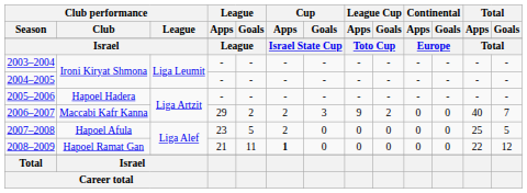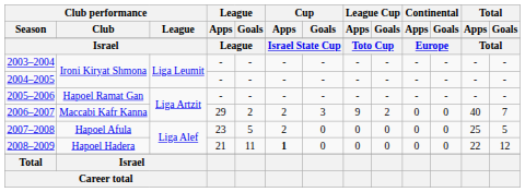 <table class="wikitable" style="text-align:center">
 <tr>
 <th colspan=3>Club performance</th>
 <th colspan=2>League</th>
 <th colspan=2>Cup</th>
 <th colspan=2>League Cup</th>
 <th colspan=2>Continental</th>
 <th colspan=2>Total</th>
 </tr>
 <tr>
 <th>Season</th>
 <th>Club</th>
 <th>League</th>
 <th>Apps</th>
 <th>Goals</th>
 <th>Apps</th>
 <th>Goals</th>
 <th>Apps</th>
 <th>Goals</th>
 <th>Apps</th>
 <th>Goals</th>
 <th>Apps</th>
 <th>Goals</th>
 </tr>
 <tr>
 </tr>
 <tr>
 <th colspan=3>Israel</th>
 <th colspan=2>League</th>
 <th colspan=2><a href='#'>Israel State Cup</a></th>
 <th colspan=2><a href='#'>Toto Cup</a></th>
 <th colspan=2><a href='#'>Europe</a></th>
 <th colspan=2>Total</th>
 </tr>
 <tr>
 <td><a href='#'>2003–2004</a></td>
 <td rowspan="2"><a href='#'>Ironi Kiryat Shmona</a></td>
 <td rowspan="2"><a href='#'>Liga Leumit</a></td>
 <td>-</td>
 <td>-</td>
 <td>-</td>
 <td>-</td>
 <td>-</td>
 <td>-</td>
 <td>-</td>
 <td>-</td>
 <td>-</td>
 <td>-</td>
 </tr>
 <tr>
 <td><a href='#'>2004–2005</a></td>
 <td>-</td>
 <td>-</td>
 <td>-</td>
 <td>-</td>
 <td>-</td>
 <td>-</td>
 <td>-</td>
 <td>-</td>
 <td>-</td>
 <td>-</td>
 </tr>
 <tr>
 <td><a href='#'>2005–2006</a></td>
-<td><a href='#'>Hapoel Hadera</a></td>
+<td><a href='#'>Hapoel Ramat Gan</a></td>
 <td rowspan="2"><a href='#'>Liga Artzit</a></td>
 <td>-</td>
 <td>-</td>
 <td>-</td>
 <td>-</td>
 <td>-</td>
 <td>-</td>
 <td>-</td>
 <td>-</td>
 <td>-</td>
 <td>-</td>
 </tr>
 <tr>
 <td><a href='#'>2006–2007</a></td>
 <td><a href='#'>Maccabi Kafr Kanna</a></td>
 <td>29</td>
 <td>2</td>
 <td>2</td>
 <td>3</td>
 <td>9</td>
 <td>2</td>
 <td>0</td>
 <td>0</td>
 <td>40</td>
 <td>7</td>
 </tr>
 <tr>
 <td><a href='#'>2007–2008</a></td>
 <td><a href='#'>Hapoel Afula</a></td>
 <td rowspan="2"><a href='#'>Liga Alef</a></td>
 <td>23</td>
 <td>5</td>
 <td>2</td>
 <td>0</td>
 <td>0</td>
 <td>0</td>
 <td>0</td>
 <td>0</td>
 <td>25</td>
 <td>5</td>
 </tr>
 <tr>
 <td><a href='#'>2008–2009</a></td>
-<td><a href='#'>Hapoel Ramat Gan</a></td>
+<td><a href='#'>Hapoel Hadera</a></td>
 <td>21</td>
 <td>11</td>
 <td><strong>1</strong></td>
 <td>0</td>
 <td>0</td>
 <td>0</td>
 <td>0</td>
 <td>0</td>
 <td>22</td>
 <td>12</td>
 </tr>
 <tr>
 </tr>
 <tr>
 <th rowspan=1>Total</th>
 <th colspan=2>Israel</th>
 <th></th>
 <th></th>
 <th></th>
 <th></th>
 <th></th>
 <th></th>
 <th></th>
 <th></th>
 <th></th>
 <th></th>
 </tr>
 <tr>
 <th colspan=3>Career total</th>
 <th></th>
 <th></th>
 <th></th>
 <th></th>
 <th></th>
 <th></th>
 <th></th>
 <th></th>
 <th></th>
 <th></th>
 </tr>
 </table>
